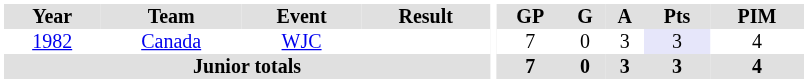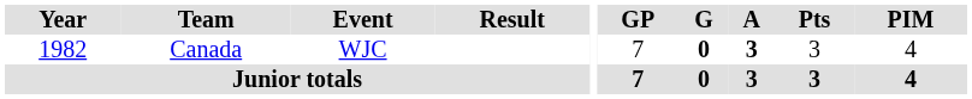 <table border="0" cellpadding="1" cellspacing="0" ID="Table3" style="text-align:center; width:40em">
 <tr ALIGN="center" bgcolor="#e0e0e0">
 <th>Year</th>
 <th>Team</th>
 <th>Event</th>
 <th>Result</th>
 <th rowspan="99" bgcolor="#ffffff"></th>
 <th>GP</th>
 <th>G</th>
 <th>A</th>
 <th>Pts</th>
 <th>PIM</th>
 </tr>
 <tr>
 <td><a href='#'>1982</a></td>
 <td><a href='#'>Canada</a></td>
 <td><a href='#'>WJC</a></td>
 <td></td>
 <td>7</td>
-<td>0</td>
+<td><strong>0</strong></td>
+<td><strong>3</strong></td>
 <td>3</td>
-<td style="background: lavender;">3</td>
 <td>4</td>
 </tr>
 <tr bgcolor="#e0e0e0">
 <th colspan="4">Junior totals</th>
 <th>7</th>
 <th>0</th>
 <th>3</th>
 <th>3</th>
 <th>4</th>
 </tr>
 </table>
